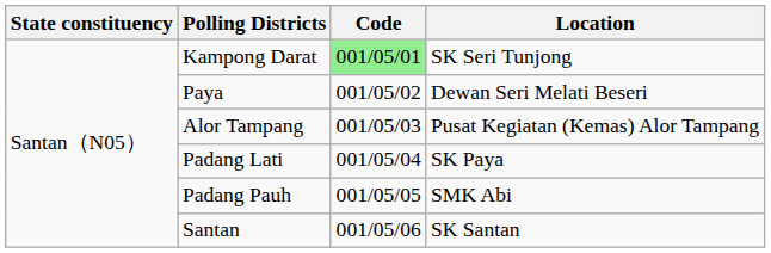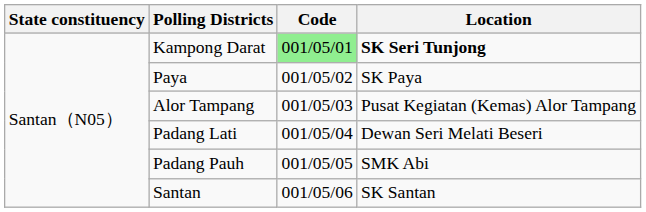 <table class="wikitable sortable mw-collapsible" style="white-space:nowrap;font-size:85%">
 <tr>
 <th>State constituency</th>
 <th>Polling Districts</th>
 <th>Code</th>
 <th>Location</th>
 </tr>
 <tr>
 <td rowspan="6">Santan（N05）</td>
 <td>Kampong Darat</td>
 <td style="background: lightgreen;">001/05/01</td>
-<td>SK Seri Tunjong</td>
+<td><strong>SK Seri Tunjong</strong></td>
 </tr>
 <tr>
 <td>Paya</td>
 <td>001/05/02</td>
-<td>Dewan Seri Melati Beseri</td>
+<td>SK Paya</td>
 </tr>
 <tr>
 <td>Alor Tampang</td>
 <td>001/05/03</td>
 <td>Pusat Kegiatan (Kemas) Alor Tampang</td>
 </tr>
 <tr>
 <td>Padang Lati</td>
 <td>001/05/04</td>
-<td>SK Paya</td>
+<td>Dewan Seri Melati Beseri</td>
 </tr>
 <tr>
 <td>Padang Pauh</td>
 <td>001/05/05</td>
 <td>SMK Abi</td>
 </tr>
 <tr>
 <td>Santan</td>
 <td>001/05/06</td>
 <td>SK Santan</td>
 </tr>
 </table>
